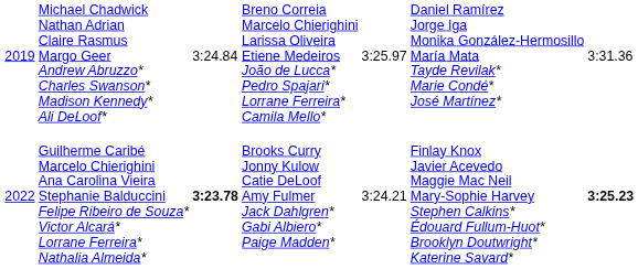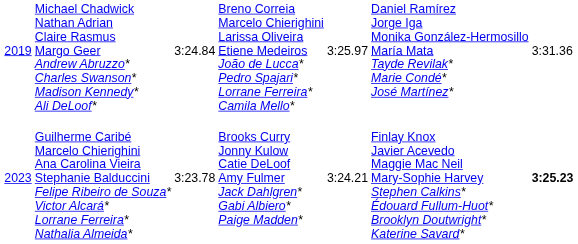 <table>
 <tr>
 <td align=center><a href='#'>2019</a></td>
 <td valign=top><br><a href='#'>Michael Chadwick</a><br><a href='#'>Nathan Adrian</a><br><a href='#'>Claire Rasmus</a><br><a href='#'>Margo Geer</a><br><em><a href='#'>Andrew Abruzzo</a>*</em><br><em><a href='#'>Charles Swanson</a>*</em><br><em><a href='#'>Madison Kennedy</a>*</em><br><em><a href='#'>Ali DeLoof</a>*</em></td>
 <td>3:24.84</td>
 <td valign=top><br><a href='#'>Breno Correia</a><br><a href='#'>Marcelo Chierighini</a><br><a href='#'>Larissa Oliveira</a><br><a href='#'>Etiene Medeiros</a><br><em><a href='#'>João de Lucca</a>*</em><br><em><a href='#'>Pedro Spajari</a>*</em><br><em><a href='#'>Lorrane Ferreira</a>*</em><br><em><a href='#'>Camila Mello</a>*</em></td>
 <td>3:25.97</td>
 <td valign=top><br><a href='#'>Daniel Ramírez</a><br><a href='#'>Jorge Iga</a><br><a href='#'>Monika González-Hermosillo</a><br><a href='#'>María Mata</a><br><em><a href='#'>Tayde Revilak</a>*</em><br><em><a href='#'>Marie Condé</a>*</em><br><em><a href='#'>José Martínez</a>*</em></td>
 <td>3:31.36</td>
 </tr>
 <tr>
-<td align=center><a href='#'>2022</a></td>
+<td align=center><a href='#'>2023</a></td>
 <td valign=top><br><a href='#'>Guilherme Caribé</a><br><a href='#'>Marcelo Chierighini</a><br><a href='#'>Ana Carolina Vieira</a><br><a href='#'>Stephanie Balduccini</a><br><em><a href='#'>Felipe Ribeiro de Souza</a>*</em><br><em><a href='#'>Victor Alcará</a>*</em><br><em><a href='#'>Lorrane Ferreira</a>*</em><br><em><a href='#'>Nathalia Almeida</a>*</em></td>
-<td><strong>3:23.78</strong></td>
+<td>3:23.78</td>
 <td valign=top><br><a href='#'>Brooks Curry</a><br><a href='#'>Jonny Kulow</a><br><a href='#'>Catie DeLoof</a><br><a href='#'>Amy Fulmer</a><br><em><a href='#'>Jack Dahlgren</a>*</em><br><em><a href='#'>Gabi Albiero</a>*</em><br><em><a href='#'>Paige Madden</a>*</em></td>
 <td>3:24.21</td>
 <td valign=top><br><a href='#'>Finlay Knox</a><br><a href='#'>Javier Acevedo</a><br><a href='#'>Maggie Mac Neil</a><br><a href='#'>Mary-Sophie Harvey</a><br><em><a href='#'>Stephen Calkins</a>*</em><br><em><a href='#'>Édouard Fullum-Huot</a>*</em><br><em><a href='#'>Brooklyn Doutwright</a>*</em><br><em><a href='#'>Katerine Savard</a>*</em></td>
 <td><strong>3:25.23</strong></td>
 </tr>
 </table>
